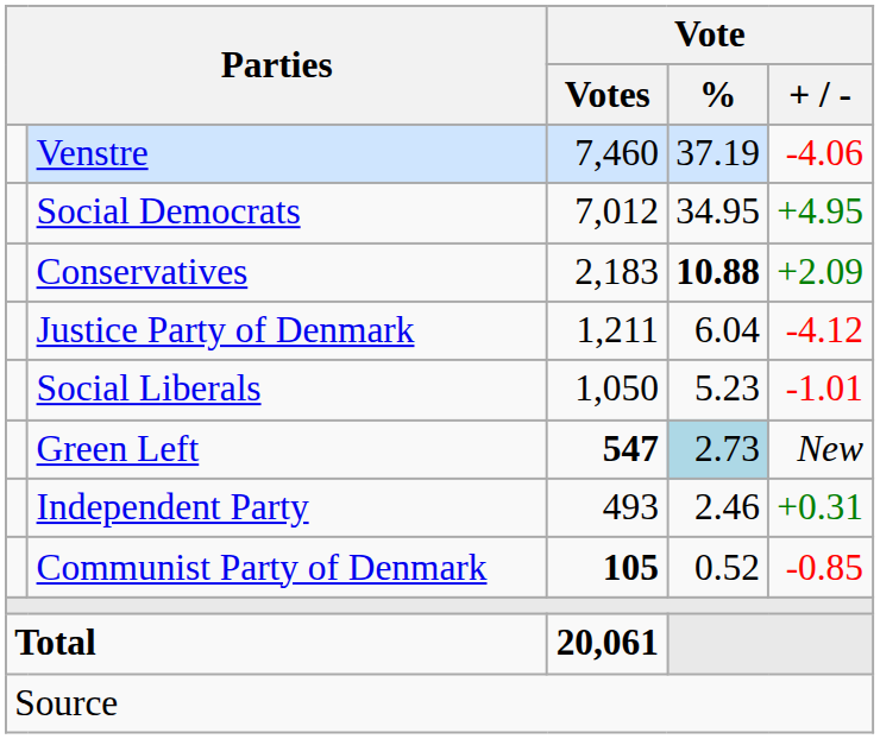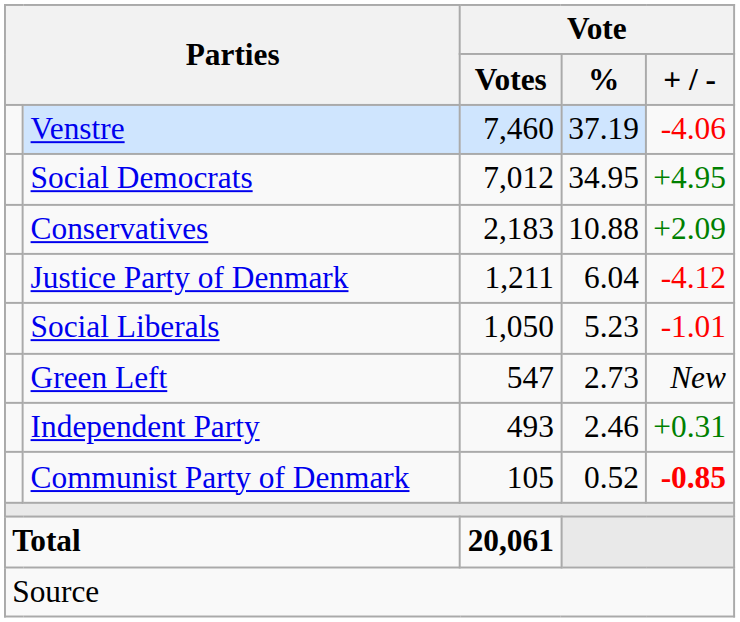 <table class="wikitable" style="text-align:right;">
 <tr>
 <th style="text-align:centre;" rowspan="2" colspan="2" width="225">Parties</th>
 <th colspan="3">Vote</th>
 </tr>
 <tr>
 <th width="15">Votes</th>
 <th width="15">%</th>
 <th width="15">+ / -</th>
 </tr>
 <tr>
 <td width="2" style="color:inherit;background:"></td>
 <td bgcolor=#cfe5fe  align="left"><a href='#'>Venstre</a></td>
 <td bgcolor=#cfe5fe>7,460</td>
 <td bgcolor=#cfe5fe>37.19</td>
 <td style=color:red;>-4.06</td>
 </tr>
 <tr>
 <td width="2" style="color:inherit;background:"></td>
 <td align="left"><a href='#'>Social Democrats</a></td>
 <td>7,012</td>
 <td>34.95</td>
 <td style=color:green;>+4.95</td>
 </tr>
 <tr>
 <td width="2" style="color:inherit;background:"></td>
 <td align="left"><a href='#'>Conservatives</a></td>
 <td>2,183</td>
-<td><strong>10.88</strong></td>
+<td>10.88</td>
 <td style=color:green;>+2.09</td>
 </tr>
 <tr>
 <td width="2" style="color:inherit;background:"></td>
 <td align="left"><a href='#'>Justice Party of Denmark</a></td>
 <td>1,211</td>
 <td>6.04</td>
 <td style=color:red;>-4.12</td>
 </tr>
 <tr>
 <td width="2" style="color:inherit;background:"></td>
 <td align="left"><a href='#'>Social Liberals</a></td>
 <td>1,050</td>
 <td>5.23</td>
 <td style=color:red;>-1.01</td>
 </tr>
 <tr>
 <td width="2" style="color:inherit;background:"></td>
 <td align="left"><a href='#'>Green Left</a></td>
-<td><strong>547</strong></td>
-<td style="background: lightblue;">2.73</td>
+<td>547</td>
+<td>2.73</td>
 <td><em>New</em></td>
 </tr>
 <tr>
 <td width="2" style="color:inherit;background:"></td>
 <td align="left"><a href='#'>Independent Party</a></td>
 <td>493</td>
 <td>2.46</td>
 <td style=color:green;>+0.31</td>
 </tr>
 <tr>
 <td width="2" style="color:inherit;background:"></td>
 <td align="left"><a href='#'>Communist Party of Denmark</a></td>
-<td><strong>105</strong></td>
+<td>105</td>
 <td>0.52</td>
-<td style=color:red;>-0.85</td>
+<td style=color:red;><strong>-0.85</strong></td>
 </tr>
 <tr>
 <td colspan="7" bgcolor="#E9E9E9"></td>
 </tr>
 <tr>
 <td align="left" colspan="2"><strong>Total</strong></td>
 <td><strong>20,061</strong></td>
 <td bgcolor="#E9E9E9" colspan="2"></td>
 </tr>
 <tr>
 <td align="left" colspan="6">Source</td>
 </tr>
 </table>
